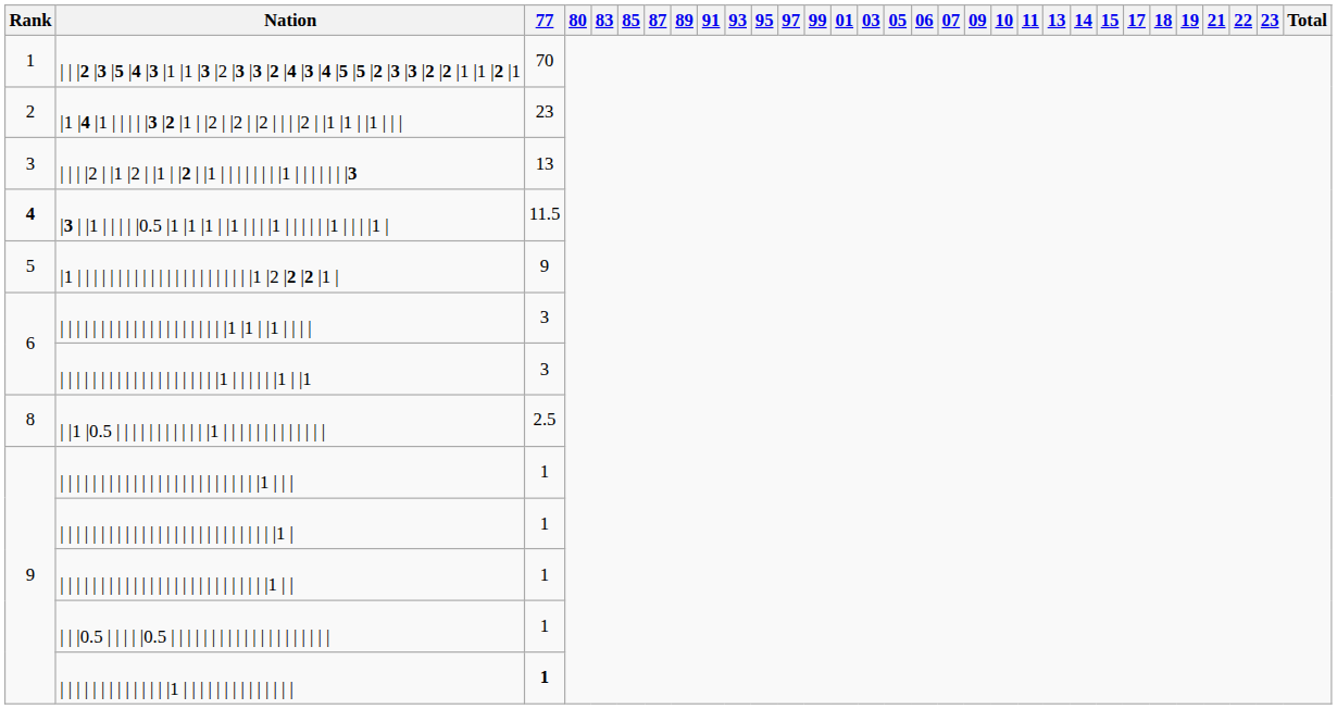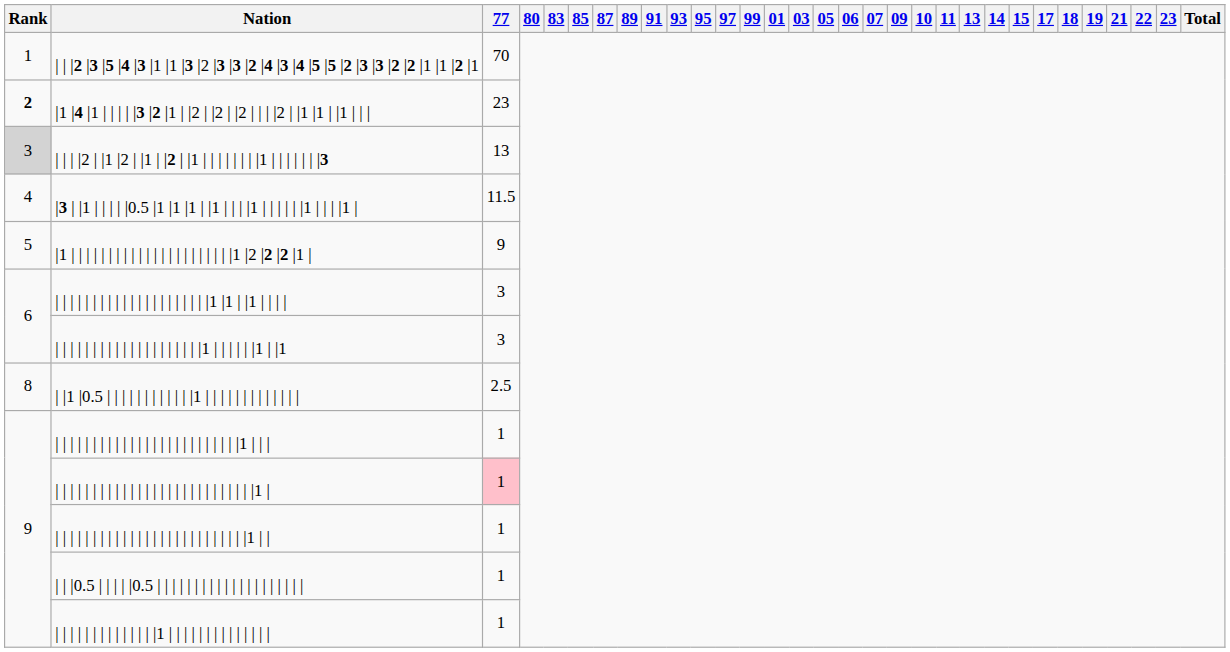 <table class=wikitable style="font-size:90%; text-align:center">
 <tr>
 <th>Rank</th>
 <th>Nation</th>
 <th><a href='#'>77</a></th>
 <th><a href='#'>80</a></th>
 <th><a href='#'>83</a></th>
 <th><a href='#'>85</a></th>
 <th><a href='#'>87</a></th>
 <th><a href='#'>89</a></th>
 <th><a href='#'>91</a></th>
 <th><a href='#'>93</a></th>
 <th><a href='#'>95</a></th>
 <th><a href='#'>97</a></th>
 <th><a href='#'>99</a></th>
 <th><a href='#'>01</a></th>
 <th><a href='#'>03</a></th>
 <th><a href='#'>05</a></th>
 <th><a href='#'>06</a></th>
 <th><a href='#'>07</a></th>
 <th><a href='#'>09</a></th>
 <th><a href='#'>10</a></th>
 <th><a href='#'>11</a></th>
 <th><a href='#'>13</a></th>
 <th><a href='#'>14</a></th>
 <th><a href='#'>15</a></th>
 <th><a href='#'>17</a></th>
 <th><a href='#'>18</a></th>
 <th><a href='#'>19</a></th>
 <th><a href='#'>21</a></th>
 <th><a href='#'>22</a></th>
 <th><a href='#'>23</a></th>
 <th>Total</th>
 </tr>
 <tr>
 <td>1</td>
 <td align="left"><br>| | |<strong>2</strong> |<strong>3</strong> |<strong>5</strong> |<strong>4</strong> |<strong>3</strong> |1 |1 |<strong>3</strong> |2 |<strong>3</strong> |<strong>3</strong> |<strong>2</strong> |<strong>4</strong> |<strong>3</strong> |<strong>4</strong> |<strong>5</strong> |<strong>5</strong> |<strong>2</strong> |<strong>3</strong> |<strong>3</strong> |<strong>2</strong> |<strong>2</strong> |1 |1 |<strong>2</strong> |1</td>
 <td>70</td>
 </tr>
 <tr>
-<td>2</td>
+<td><strong>2</strong></td>
 <td align="left"><br>|1 |<strong>4</strong> |1 | | | | |<strong>3</strong> |<strong>2</strong> |1 | |2 | |2 | |2 | | | |2 | |1 |1 | |1 | | |</td>
 <td>23</td>
 </tr>
 <tr>
-<td>3</td>
+<td style="background: lightgrey;">3</td>
 <td align="left"><br>| | | |2 | |1 |2 | |1 | |<strong>2</strong> | |1 | | | | | | | |1 | | | | | | |<strong>3</strong></td>
 <td>13</td>
 </tr>
 <tr>
-<td><strong>4</strong></td>
+<td>4</td>
 <td align="left"><br>|<strong>3</strong> | |1 | | | | |0.5 |1 |1 |1 | |1 | | | |1 | | | | | |1 | | | |1 |</td>
 <td>11.5</td>
 </tr>
 <tr>
 <td>5</td>
 <td align="left"><br>|1 | | | | | | | | | | | | | | | | | | | | | |1 |2 |<strong>2</strong> |<strong>2</strong> |1 |</td>
 <td>9</td>
 </tr>
 <tr>
 <td rowspan=2>6</td>
 <td align="left"><br>| | | | | | | | | | | | | | | | | | | | |1 |1 | |1 | | | |</td>
 <td>3</td>
 </tr>
 <tr>
 <td align="left"><br>| | | | | | | | | | | | | | | | | | | |1 | | | | | |1 | |1</td>
 <td>3</td>
 </tr>
 <tr>
 <td>8</td>
 <td align="left"><br>| |1 |0.5 | | | | | | | | | | | |1 | | | | | | | | | | | | |</td>
 <td>2.5</td>
 </tr>
 <tr>
 <td rowspan=5>9</td>
 <td align="left"><br>| | | | | | | | | | | | | | | | | | | | | | | | |1 | | |</td>
 <td>1</td>
 </tr>
 <tr>
 <td align=left><br>| | | | | | | | | | | | | | | | | | | | | | | | | | |1 |</td>
-<td>1</td>
+<td style="background: pink;">1</td>
 </tr>
 <tr>
 <td align="left"><br>| | | | | | | | | | | | | | | | | | | | | | | | | |1 | |</td>
 <td>1</td>
 </tr>
 <tr>
 <td align="left"><br>| | |0.5 | | | | |0.5 | | | | | | | | | | | | | | | | | | | |</td>
 <td>1</td>
 </tr>
 <tr>
 <td align="left"><br>| | | | | | | | | | | | | |1 | | | | | | | | | | | | | |</td>
-<td><strong>1</strong></td>
+<td>1</td>
 </tr>
 </table>
